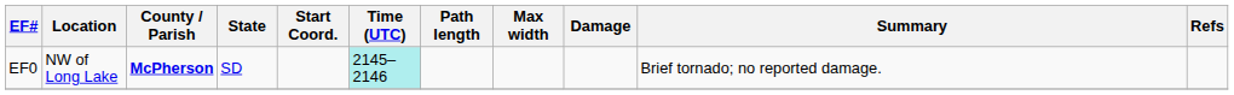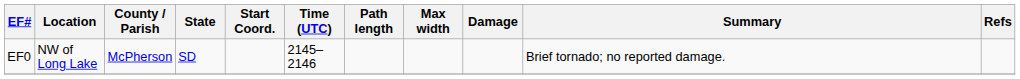 <table class="wikitable sortable" style="width:100%;">
 <tr>
 <th scope="col" width="3%" align="center"><a href='#'>EF#</a></th>
 <th scope="col" width="7%" align="center" class="unsortable">Location</th>
 <th scope="col" width="6%" align="center" class="unsortable">County / Parish</th>
 <th scope="col" width="5%" align="center">State</th>
 <th scope="col" width="6%" align="center">Start Coord.</th>
 <th scope="col" width="6%" align="center">Time (<a href='#'>UTC</a>)</th>
 <th scope="col" width="6%" align="center">Path length</th>
 <th scope="col" width="6%" align="center">Max width</th>
 <th scope="col" width="6%" align="center">Damage</th>
 <th scope="col" width="48%" class="unsortable" align="center">Summary</th>
 <th scope="col" width="48%" class="unsortable" align="center">Refs</th>
 </tr>
 <tr>
 <td>EF0</td>
 <td>NW of <a href='#'>Long Lake</a></td>
-<td><strong><a href='#'>McPherson</a></strong></td>
+<td><a href='#'>McPherson</a></td>
 <td><a href='#'>SD</a></td>
 <td></td>
-<td style="background: paleturquoise;">2145–2146</td>
+<td>2145–2146</td>
 <td></td>
 <td></td>
 <td></td>
 <td>Brief tornado; no reported damage.</td>
 <td></td>
 </tr>
 <tr>
 </tr>
 </table>
